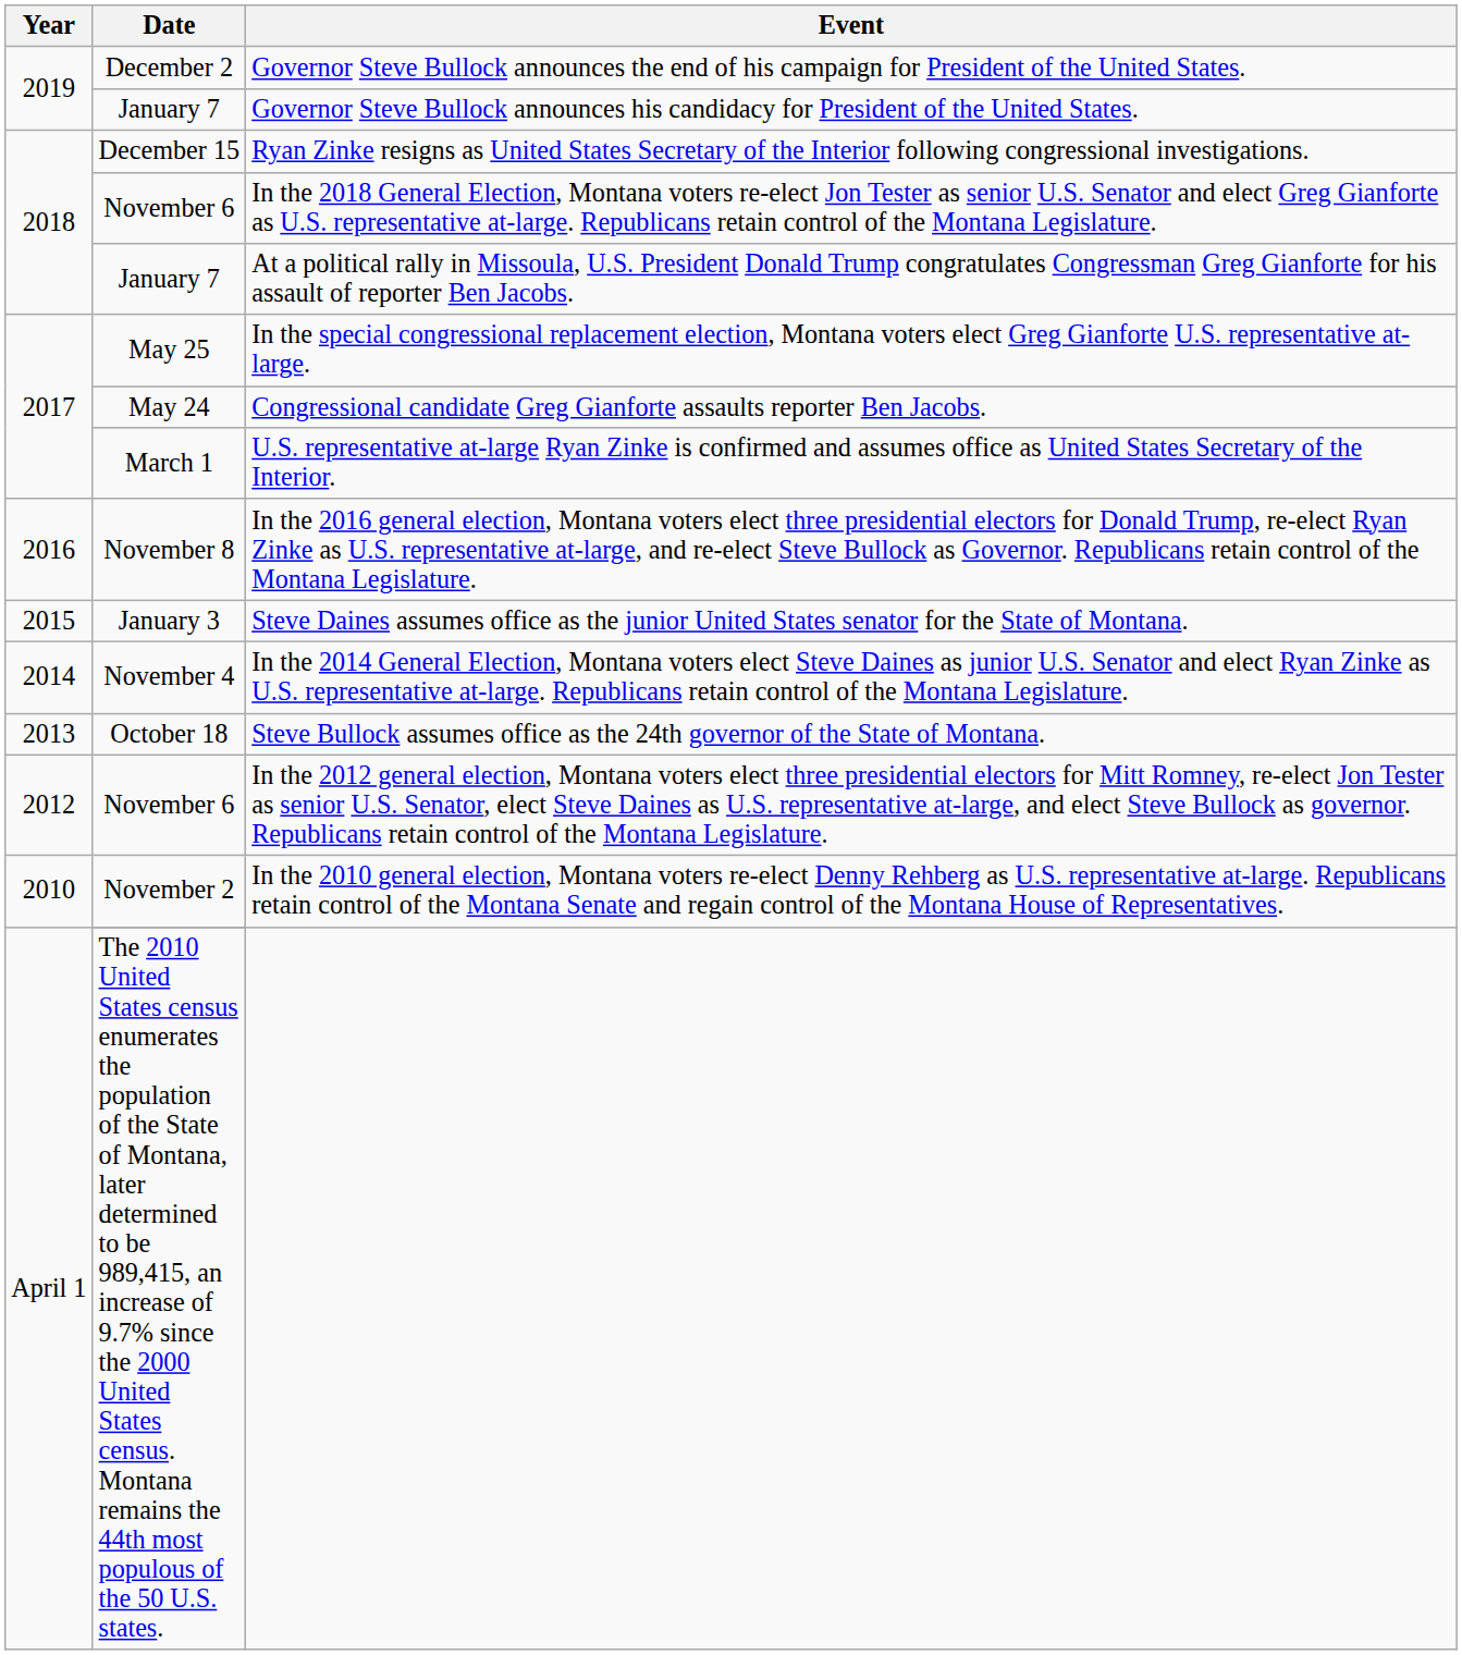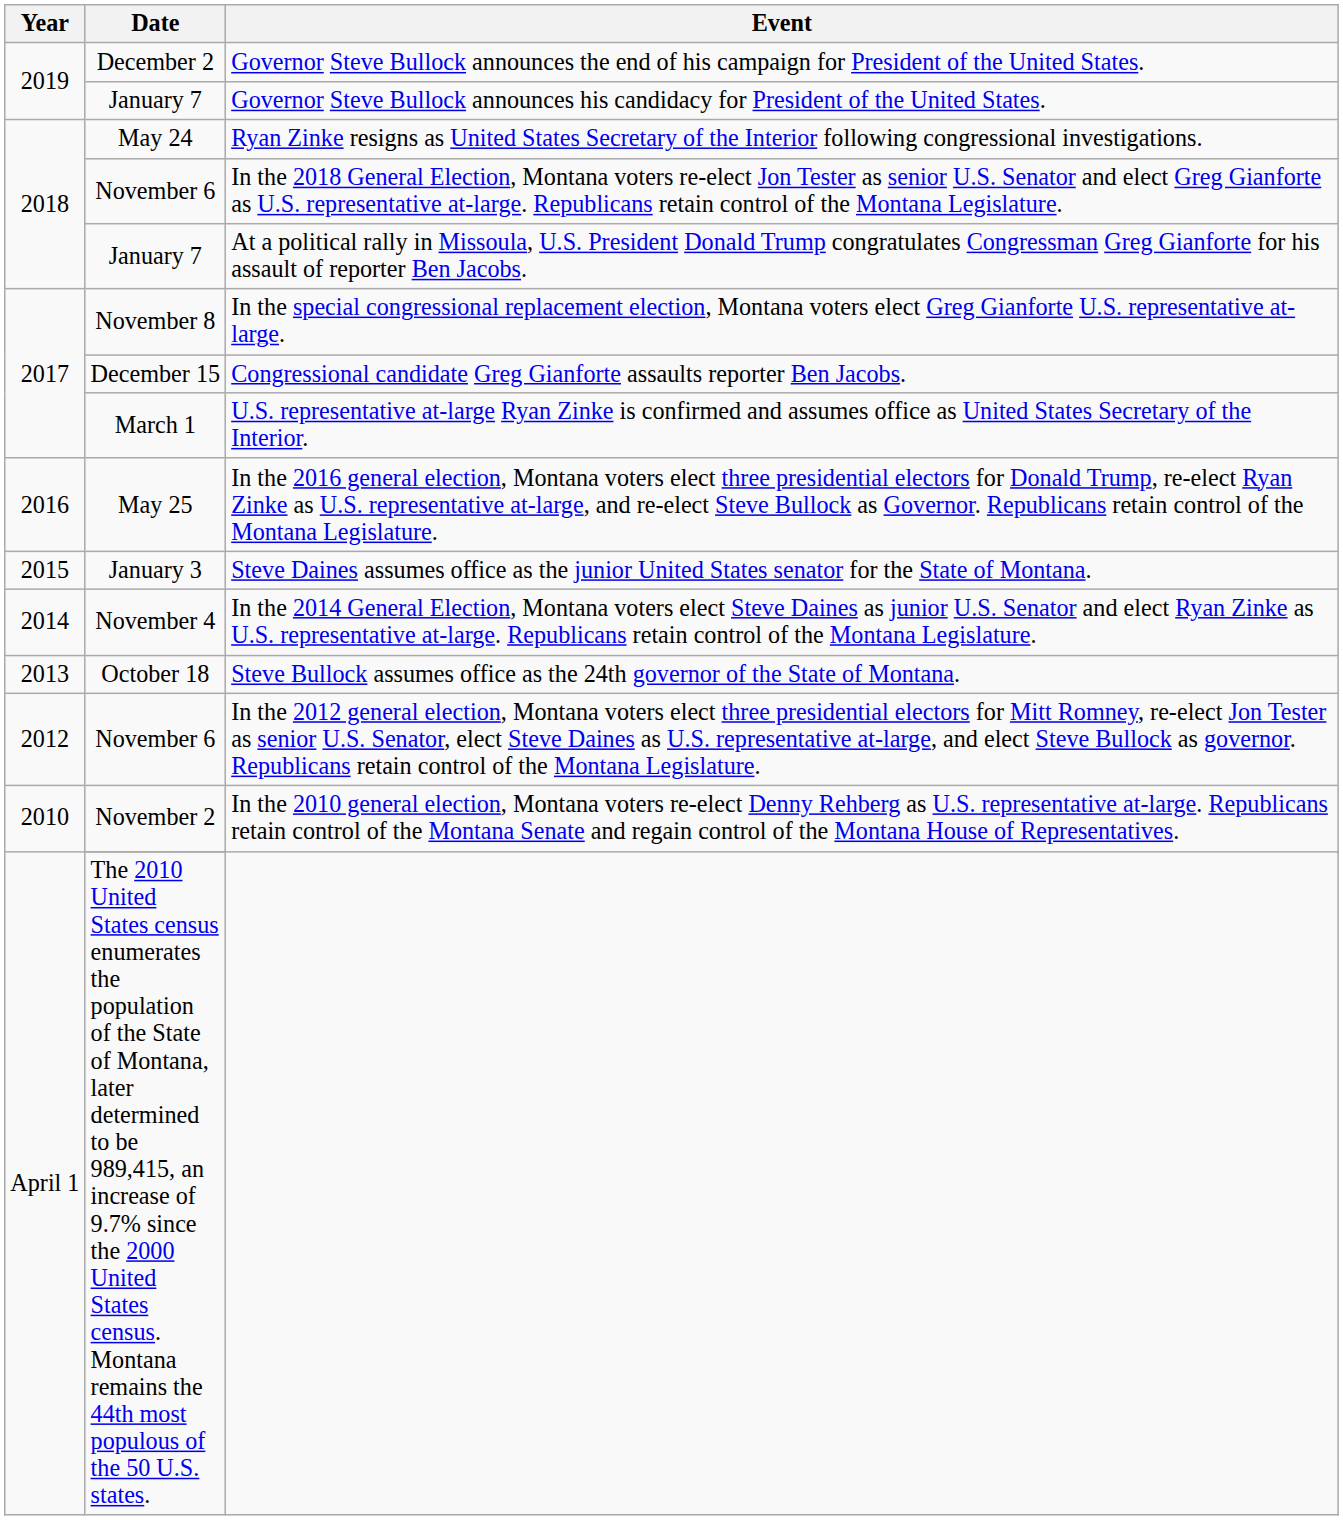 <table class="wikitable" style="width:100%;">
 <tr>
 <th style="width:6%">Year</th>
 <th style="width:8%">Date</th>
 <th style="width:86%">Event</th>
 </tr>
 <tr>
 <td align=center rowspan=2>2019</td>
 <td align=center>December 2</td>
 <td><a href='#'>Governor</a> <a href='#'>Steve Bullock</a> announces the end of his campaign for <a href='#'>President of the United States</a>.</td>
 </tr>
 <tr>
 <td align=center>January 7</td>
 <td><a href='#'>Governor</a> <a href='#'>Steve Bullock</a> announces his candidacy for <a href='#'>President of the United States</a>.</td>
 </tr>
 <tr>
 <td align=center rowspan=3>2018</td>
-<td align=center>December 15</td>
+<td align=center>May 24</td>
 <td><a href='#'>Ryan Zinke</a> resigns as <a href='#'>United States Secretary of the Interior</a> following congressional investigations.</td>
 </tr>
 <tr>
 <td align=center>November 6</td>
 <td>In the <a href='#'>2018 General Election</a>, Montana voters re-elect <a href='#'>Jon Tester</a> as <a href='#'>senior</a> <a href='#'>U.S. Senator</a> and elect <a href='#'>Greg Gianforte</a> as <a href='#'>U.S. representative at-large</a>. <a href='#'>Republicans</a> retain control of the <a href='#'>Montana Legislature</a>.</td>
 </tr>
 <tr>
 <td align=center>January 7</td>
 <td>At a political rally in <a href='#'>Missoula</a>, <a href='#'>U.S. President</a> <a href='#'>Donald Trump</a> congratulates <a href='#'>Congressman</a> <a href='#'>Greg Gianforte</a> for his assault of reporter <a href='#'>Ben Jacobs</a>.</td>
 </tr>
 <tr>
 <td align=center rowspan=3>2017</td>
-<td align=center>May 25</td>
+<td align=center>November 8</td>
 <td>In the <a href='#'>special congressional replacement election</a>, Montana voters elect <a href='#'>Greg Gianforte</a> <a href='#'>U.S. representative at-large</a>.</td>
 </tr>
 <tr>
-<td align=center>May 24</td>
+<td align=center>December 15</td>
 <td><a href='#'>Congressional candidate</a> <a href='#'>Greg Gianforte</a> assaults reporter <a href='#'>Ben Jacobs</a>.</td>
 </tr>
 <tr>
 <td align=center>March 1</td>
 <td><a href='#'>U.S. representative at-large</a> <a href='#'>Ryan Zinke</a> is confirmed and assumes office as <a href='#'>United States Secretary of the Interior</a>.</td>
 </tr>
 <tr>
 <td align=center rowspan=1>2016</td>
-<td align=center>November 8</td>
+<td align=center>May 25</td>
 <td>In the <a href='#'>2016 general election</a>, Montana voters elect <a href='#'>three presidential electors</a> for <a href='#'>Donald Trump</a>, re-elect <a href='#'>Ryan Zinke</a> as <a href='#'>U.S. representative at-large</a>, and re-elect <a href='#'>Steve Bullock</a> as <a href='#'>Governor</a>. <a href='#'>Republicans</a> retain control of the <a href='#'>Montana Legislature</a>.</td>
 </tr>
 <tr>
 <td align=center rowspan=1>2015</td>
 <td align=center>January 3</td>
 <td><a href='#'>Steve Daines</a> assumes office as the <a href='#'>junior United States senator</a> for the <a href='#'>State of Montana</a>.</td>
 </tr>
 <tr>
 <td align=center rowspan=1>2014</td>
 <td align=center>November 4</td>
 <td>In the <a href='#'>2014 General Election</a>, Montana voters elect <a href='#'>Steve Daines</a> as <a href='#'>junior</a> <a href='#'>U.S. Senator</a> and elect <a href='#'>Ryan Zinke</a> as <a href='#'>U.S. representative at-large</a>. <a href='#'>Republicans</a> retain control of the <a href='#'>Montana Legislature</a>.</td>
 </tr>
 <tr>
 <td align=center rowspan=1>2013</td>
 <td align=center>October 18</td>
 <td><a href='#'>Steve Bullock</a> assumes office as the 24th <a href='#'>governor of the State of Montana</a>.</td>
 </tr>
 <tr>
 <td align=center rowspan=1>2012</td>
 <td align=center>November 6</td>
 <td>In the <a href='#'>2012 general election</a>, Montana voters elect <a href='#'>three presidential electors</a> for <a href='#'>Mitt Romney</a>, re-elect <a href='#'>Jon Tester</a> as <a href='#'>senior</a> <a href='#'>U.S. Senator</a>, elect <a href='#'>Steve Daines</a> as <a href='#'>U.S. representative at-large</a>, and elect <a href='#'>Steve Bullock</a> as <a href='#'>governor</a>. <a href='#'>Republicans</a> retain control of the <a href='#'>Montana Legislature</a>.</td>
 </tr>
 <tr>
 <td align=center rowspan=2>2010</td>
 <td align=center>November 2</td>
 <td>In the <a href='#'>2010 general election</a>, Montana voters re-elect <a href='#'>Denny Rehberg</a> as <a href='#'>U.S. representative at-large</a>. <a href='#'>Republicans</a> retain control of the <a href='#'>Montana Senate</a> and regain control of the <a href='#'>Montana House of Representatives</a>.</td>
 </tr>
 <tr>
 </tr>
 <tr>
 <td align=center>April 1</td>
 <td>The <a href='#'>2010 United States census</a> enumerates the population of the State of Montana, later determined to be 989,415, an increase of 9.7% since the <a href='#'>2000 United States census</a>. Montana remains the <a href='#'>44th most populous of the 50 U.S. states</a>.</td>
 </tr>
 </table>
